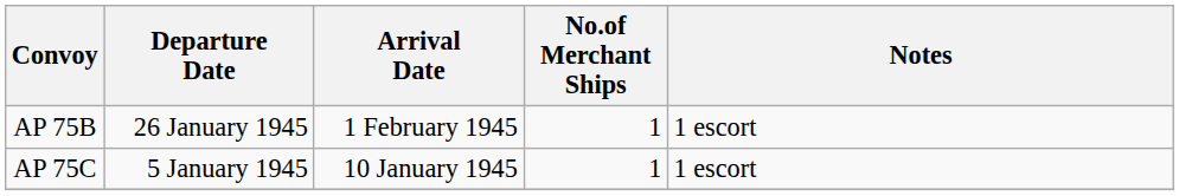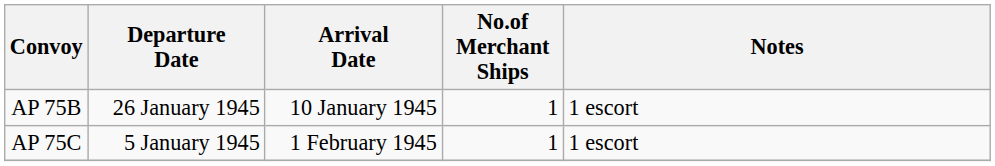 <table class="wikitable sortable">
 <tr>
 <th scope="col" width="50px">Convoy</th>
 <th scope="col" width="120px">Departure<br>Date</th>
 <th scope="col" width="120px">Arrival<br>Date</th>
 <th scope="col" width="80px">No.of Merchant Ships</th>
 <th scope="col" width="300px">Notes</th>
 </tr>
 <tr>
 <td align="center">AP 75B</td>
 <td align="right">26 January 1945</td>
-<td align="right">1 February 1945</td>
+<td align="right">10 January 1945</td>
 <td align="right">1</td>
 <td align="left">1 escort</td>
 </tr>
 <tr>
 <td align="center">AP 75C</td>
 <td align="right">5 January 1945</td>
-<td align="right">10 January 1945</td>
+<td align="right">1 February 1945</td>
 <td align="right">1</td>
 <td align="left">1 escort</td>
 </tr>
 <tr>
 </tr>
 </table>
